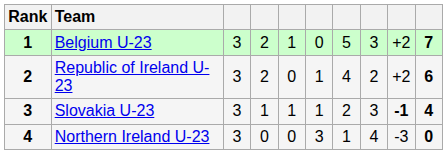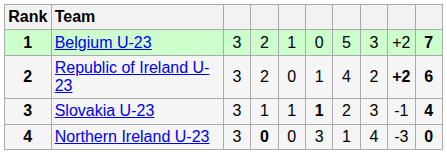 <table class="wikitable" style="text-align:center">
 <tr>
 <th width=30>Rank</th>
 <th width=165 style="text-align:left;">Team</th>
 <th width=20></th>
 <th width=20></th>
 <th width=20></th>
 <th width=20></th>
 <th width=20></th>
 <th width=20></th>
 <th width=20></th>
 <th width=20></th>
 </tr>
 <tr align=center style="background:#ccffcc;">
 <td><strong>1</strong></td>
 <td style="text-align:left;"> <a href='#'>Belgium U-23</a></td>
 <td>3</td>
 <td>2</td>
 <td>1</td>
 <td>0</td>
 <td>5</td>
 <td>3</td>
 <td>+2</td>
 <td><strong>7</strong></td>
 </tr>
 <tr align=center style="background:#f5f5f5;">
 <td><strong>2</strong></td>
 <td style="text-align:left;"> <a href='#'>Republic of Ireland U-23</a></td>
 <td>3</td>
 <td>2</td>
 <td>0</td>
 <td>1</td>
 <td>4</td>
 <td>2</td>
-<td>+2</td>
+<td><strong>+2</strong></td>
 <td><strong>6</strong></td>
 </tr>
 <tr align=center style="background:#f5f5f5;">
 <td><strong>3</strong></td>
 <td style="text-align:left;"> <a href='#'>Slovakia U-23</a></td>
 <td>3</td>
 <td>1</td>
 <td>1</td>
-<td>1</td>
+<td><strong>1</strong></td>
 <td>2</td>
 <td>3</td>
-<td><strong>-1</strong></td>
+<td>-1</td>
 <td><strong>4</strong></td>
 </tr>
 <tr align=center style="background:#f5f5f5;">
 <td><strong>4</strong></td>
 <td style="text-align:left;"> <a href='#'>Northern Ireland U-23</a></td>
 <td>3</td>
-<td>0</td>
+<td><strong>0</strong></td>
 <td>0</td>
 <td>3</td>
 <td>1</td>
 <td>4</td>
 <td>-3</td>
 <td><strong>0</strong></td>
 </tr>
 <tr>
 </tr>
 </table>
